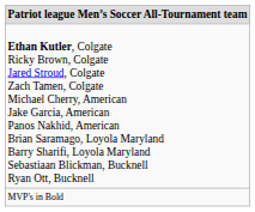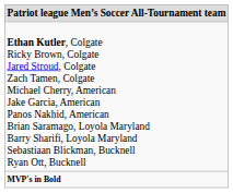 <table class="wikitable" style="white-space:nowrap; font-size:90%;">
 <tr>
 <td colspan="7" style="text-align:center; background:#ddd;"><strong>Patriot league Men’s Soccer All-Tournament team</strong></td>
 </tr>
 <tr>
 <td><br><strong>Ethan Kutler</strong>, Colgate<br> Ricky Brown, Colgate<br> <a href='#'>Jared Stroud</a>, Colgate<br> Zach Tamen, Colgate<br> Michael Cherry, American<br> Jake Garcia, American<br> Panos Nakhid, American<br> Brian Saramago, Loyola Maryland<br> Barry Sharifi, Loyola Maryland<br> Sebastiaan Blickman, Bucknell<br> Ryan Ott, Bucknell</td>
 </tr>
 <tr>
-<td><small>MVP's in Bold</small></td>
+<td><strong><small>MVP's in Bold</small></strong></td>
 </tr>
 </table>
